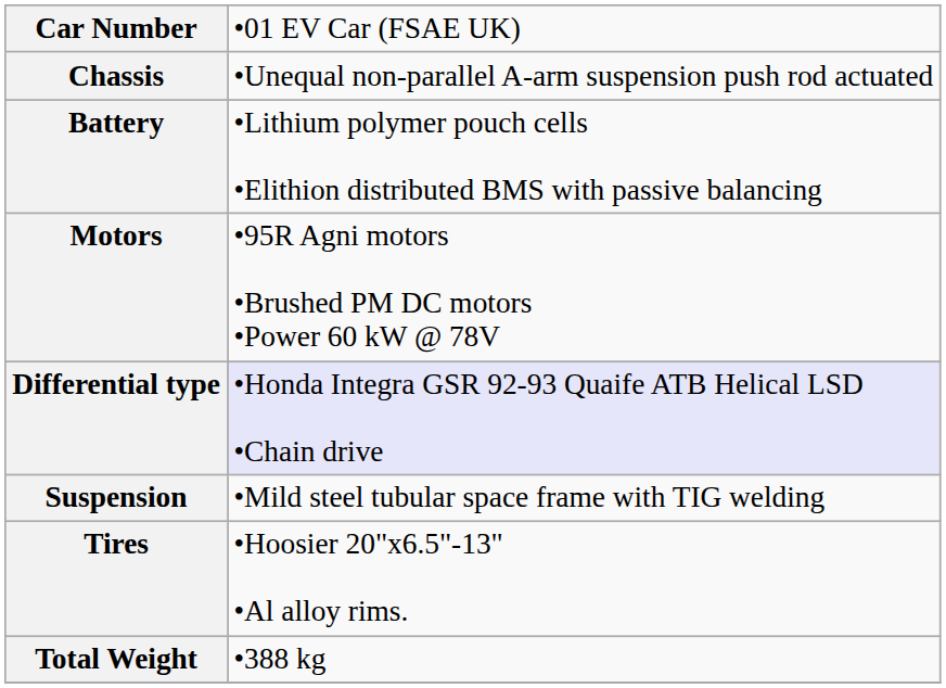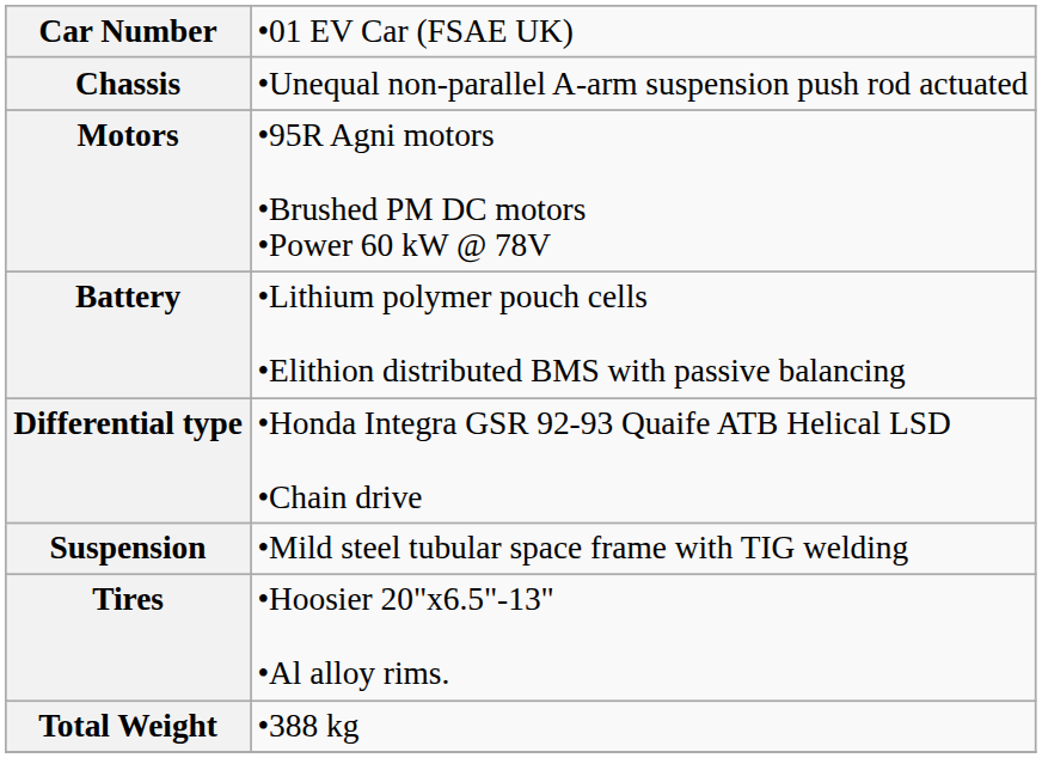 <table class="wikitable">
 <tr style="vertical-align: top">
 <th>Car Number</th>
 <td>•01 EV Car (FSAE UK)</td>
 </tr>
 <tr style="vertical-align: top">
 <th>Chassis</th>
 <td>•Unequal non-parallel A-arm suspension push rod actuated<br></td>
 </tr>
 <tr style="vertical-align: top">
+<th>Motors</th>
+<td>•95R Agni motors<br><br>•Brushed PM DC motors <br> •Power 60 kW @ 78V</td>
+</tr>
+<tr style="vertical-align: top">
 <th>Battery</th>
 <td>•Lithium polymer pouch cells<br><br>•Elithion distributed BMS with passive balancing<br></td>
 </tr>
 <tr style="vertical-align: top">
-<th>Motors</th>
-<td>•95R Agni motors<br><br>•Brushed PM DC motors <br> •Power 60 kW @ 78V</td>
-</tr>
-<tr style="vertical-align: top">
 <th>Differential type</th>
-<td style="background: lavender;">•Honda Integra GSR 92-93 Quaife ATB Helical LSD<br><br>•Chain drive</td>
+<td>•Honda Integra GSR 92-93 Quaife ATB Helical LSD<br><br>•Chain drive</td>
 </tr>
 <tr style="vertical-align: top">
 <th>Suspension</th>
 <td>•Mild steel tubular space frame with TIG welding <br></td>
 </tr>
 <tr style="vertical-align: top">
 <th>Tires</th>
 <td>•Hoosier 20"x6.5"-13"<br><br>•Al alloy rims.</td>
 </tr>
 <tr style="vertical-align: top">
 <th>Total Weight</th>
 <td>•388 kg</td>
 </tr>
 <tr style="vertical-align: top">
 </tr>
 </table>
